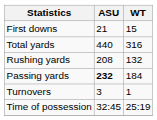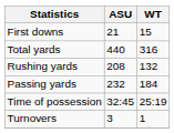 <table class="wikitable" style="float: left;">
 <tr>
 <th>Statistics</th>
 <th>ASU</th>
 <th>WT</th>
 </tr>
 <tr>
 <td>First downs</td>
 <td>21</td>
 <td>15</td>
 </tr>
 <tr>
 <td>Total yards</td>
 <td>440</td>
 <td>316</td>
 </tr>
 <tr>
 <td>Rushing yards</td>
 <td>208</td>
 <td>132</td>
 </tr>
 <tr>
 <td>Passing yards</td>
-<td><strong>232</strong></td>
+<td>232</td>
 <td>184</td>
+</tr>
+<tr>
+<td>Time of possession</td>
+<td>32:45</td>
+<td>25:19</td>
 </tr>
 <tr>
 <td>Turnovers</td>
 <td>3</td>
 <td>1</td>
 </tr>
 <tr>
-<td>Time of possession</td>
-<td>32:45</td>
-<td>25:19</td>
-</tr>
-<tr>
 </tr>
 </table>
